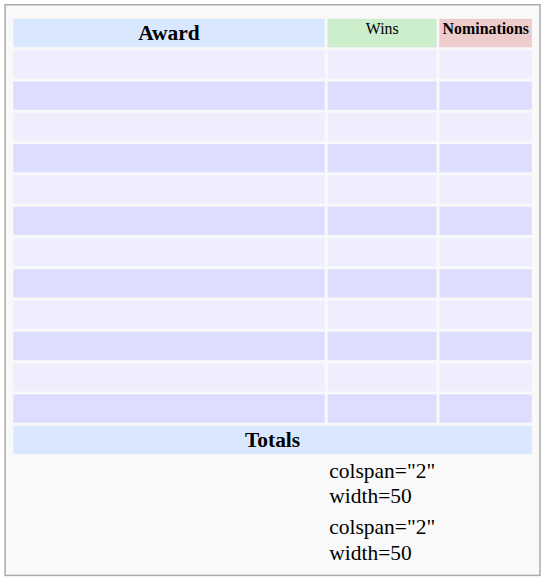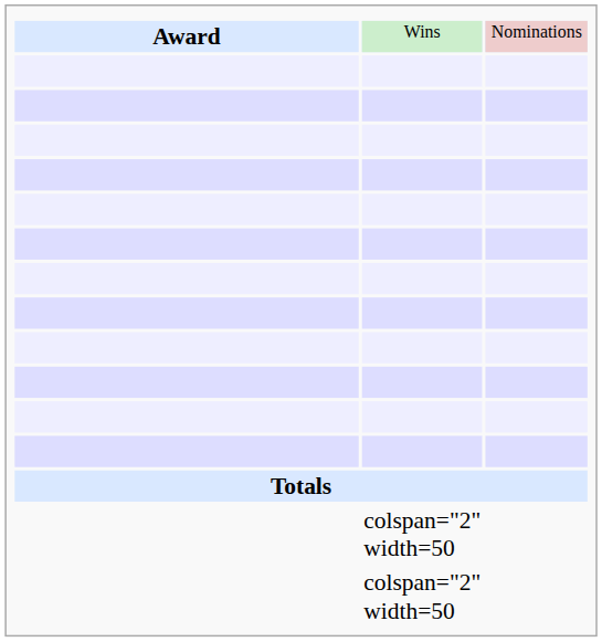 <table class="infobox" style="width: 25em; text-align: left; font-size: 90%; vertical-align: middle;">
 <tr>
 <td colspan="3" style="text-align:center;"></td>
 </tr>
 <tr bgcolor=#D9E8FF style="text-align:center;">
 <th style="vertical-align: middle;">Award</th>
 <td style="background:#cceecc; font-size:8pt;" width="60px">Wins</td>
-<td style="background:#eecccc; font-size:8pt;" width="60px"><strong>Nominations</strong></td>
+<td style="background:#eecccc; font-size:8pt;" width="60px">Nominations</td>
 </tr>
 <tr bgcolor=#eeeeff>
 <td align="center"><br></td>
 <td></td>
 <td></td>
 </tr>
 <tr bgcolor=#ddddff>
 <td align="center"><br></td>
 <td></td>
 <td></td>
 </tr>
 <tr bgcolor=#eeeeff>
 <td align="center"><br></td>
 <td></td>
 <td></td>
 </tr>
 <tr bgcolor=#ddddff>
 <td align="center"><br></td>
 <td></td>
 <td></td>
 </tr>
 <tr bgcolor=#eeeeff>
 <td align="center"><br></td>
 <td></td>
 <td></td>
 </tr>
 <tr bgcolor=#ddddff>
 <td align="center"><br></td>
 <td></td>
 <td></td>
 </tr>
 <tr bgcolor=#eeeeff>
 <td align="center"><br></td>
 <td></td>
 <td></td>
 </tr>
 <tr bgcolor=#ddddff>
 <td align="center"><br></td>
 <td></td>
 <td></td>
 </tr>
 <tr bgcolor=#eeeeff>
 <td align="center"><br></td>
 <td></td>
 <td></td>
 </tr>
 <tr bgcolor=#ddddff>
 <td align="center"><br></td>
 <td></td>
 <td></td>
 </tr>
 <tr bgcolor=#eeeeff>
 <td align="center"><br></td>
 <td></td>
 <td></td>
 </tr>
 <tr bgcolor=#ddddff>
 <td align="center"><br></td>
 <td></td>
 <td></td>
 </tr>
 <tr bgcolor=#D9E8FF>
 <td colspan="3" style="text-align:center;"><strong>Totals</strong></td>
 </tr>
 <tr>
 <td></td>
 <td>colspan="2" width=50 </td>
 </tr>
 <tr>
 <td></td>
 <td>colspan="2" width=50 </td>
 </tr>
 </table>
